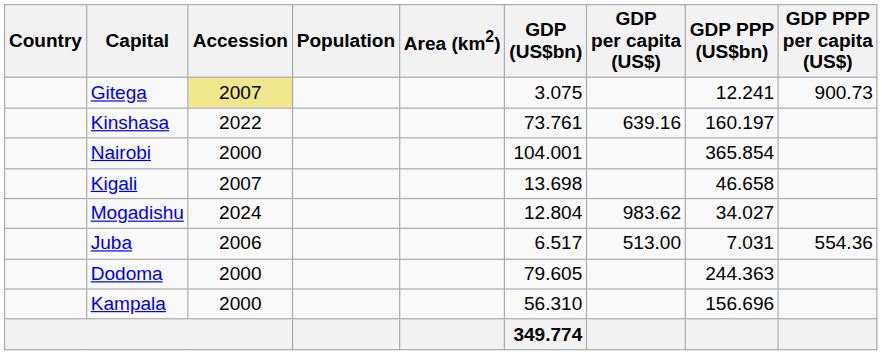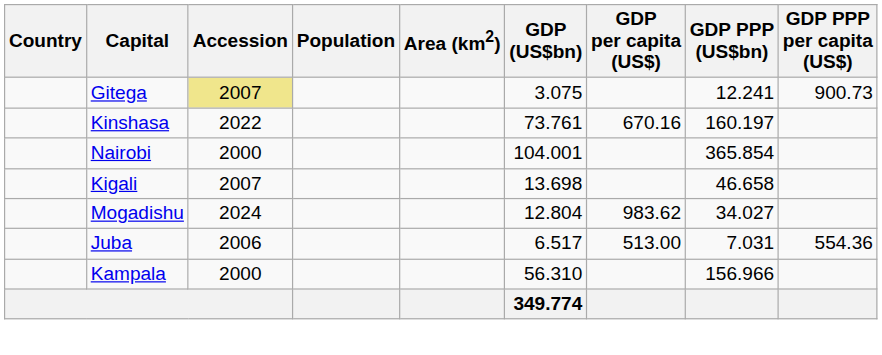 <table class="wikitable sortable" style="text-align:right">
 <tr>
 <th scope="col">Country</th>
 <th scope="col">Capital</th>
 <th scope="col">Acces­sion</th>
 <th scope="col">Popula­tion</th>
 <th scope="col">Area (km<sup>2</sup>)</th>
 <th scope="col">GDP<br>(US$bn)</th>
 <th scope="col">GDP<br>per capita<br>(US$)</th>
 <th scope="col">GDP PPP<br>(US$bn)</th>
 <th scope="col">GDP PPP<br>per capita<br>(US$)</th>
 </tr>
 <tr>
 <td scope="row" style="text-align:left"></td>
 <td style="text-align:left"><a href='#'>Gitega</a></td>
 <td style="background: khaki; text-align:center">2007</td>
 <td></td>
 <td></td>
 <td>3.075</td>
 <td></td>
 <td>12.241</td>
 <td>900.73</td>
 </tr>
 <tr>
 <td scope="row" style="text-align:left"></td>
 <td style="text-align:left"><a href='#'>Kinshasa</a></td>
 <td style="text-align:center">2022</td>
 <td></td>
 <td></td>
 <td>73.761</td>
-<td>639.16</td>
+<td>670.16</td>
 <td>160.197</td>
 <td></td>
 </tr>
 <tr>
 <td scope="row" style="text-align:left"></td>
 <td style="text-align:left"><a href='#'>Nairobi</a></td>
 <td style="text-align:center">2000</td>
 <td></td>
 <td></td>
 <td>104.001</td>
 <td></td>
 <td>365.854</td>
 <td></td>
 </tr>
 <tr>
 <td scope="row" style="text-align:left"></td>
 <td style="text-align:left"><a href='#'>Kigali</a></td>
 <td style="text-align:center">2007</td>
 <td></td>
 <td></td>
 <td>13.698</td>
 <td></td>
 <td>46.658</td>
 <td></td>
 </tr>
 <tr>
 <td scope="row" style="text-align:left"></td>
 <td style="text-align:left"><a href='#'>Mogadishu</a></td>
 <td style="text-align:center">2024</td>
 <td></td>
 <td></td>
 <td>12.804</td>
 <td>983.62</td>
 <td>34.027</td>
 <td></td>
 </tr>
 <tr>
 <td scope="row" style="text-align:left"></td>
 <td style="text-align:left"><a href='#'>Juba</a></td>
 <td style="text-align:center">2006</td>
 <td></td>
 <td></td>
 <td>6.517</td>
 <td>513.00</td>
 <td>7.031</td>
 <td>554.36</td>
 </tr>
 <tr>
 <td scope="row" style="text-align:left"></td>
-<td style="text-align:left"><a href='#'>Dodoma</a></td>
-<td style="text-align:center">2000</td>
-<td></td>
-<td></td>
-<td>79.605</td>
-<td></td>
-<td>244.363</td>
-<td></td>
-</tr>
-<tr>
-<td scope="row" style="text-align:left"></td>
 <td style="text-align:left"><a href='#'>Kampala</a></td>
 <td style="text-align:center">2000</td>
 <td></td>
 <td></td>
 <td>56.310</td>
 <td></td>
-<td>156.696</td>
+<td>156.966</td>
 <td></td>
 </tr>
 <tr>
 <th colspan="3"></th>
 <th style="text-align:right"></th>
 <th style="text-align:right"></th>
 <th style="text-align:right">349.774</th>
 <th style="text-align:right"></th>
 <th style="text-align:right"></th>
 <th style="text-align:right"></th>
 </tr>
 </table>
